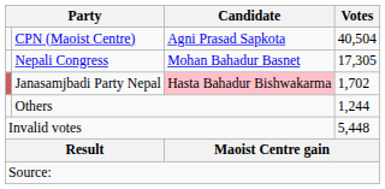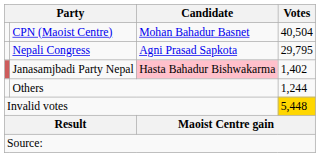 <table class="wikitable">
 <tr>
 <th colspan="2">Party</th>
 <th>Candidate</th>
 <th>Votes</th>
 </tr>
 <tr>
 <td style="background-color:"></td>
 <td><a href='#'>CPN (Maoist Centre)</a></td>
-<td><a href='#'>Agni Prasad Sapkota</a></td>
+<td><a href='#'>Mohan Bahadur Basnet</a></td>
 <td>40,504</td>
 </tr>
 <tr>
 <td style="background-color:"></td>
 <td><a href='#'>Nepali Congress</a></td>
-<td><a href='#'>Mohan Bahadur Basnet</a></td>
-<td>17,305</td>
+<td><a href='#'>Agni Prasad Sapkota</a></td>
+<td>29,795</td>
 </tr>
 <tr>
 <td style="background-color:indianred"></td>
 <td>Janasamjbadi Party Nepal</td>
 <td style="background: pink;">Hasta Bahadur Bishwakarma</td>
-<td>1,702</td>
+<td>1,402</td>
 </tr>
 <tr>
 <td></td>
 <td colspan="2">Others</td>
 <td>1,244</td>
 </tr>
 <tr>
 <td colspan="3">Invalid votes</td>
-<td>5,448</td>
+<td style="background: gold;">5,448</td>
 </tr>
 <tr>
 <th colspan="2">Result</th>
 <th colspan="2">Maoist Centre gain</th>
 </tr>
 <tr>
 <td colspan="4">Source: </td>
 </tr>
 </table>
